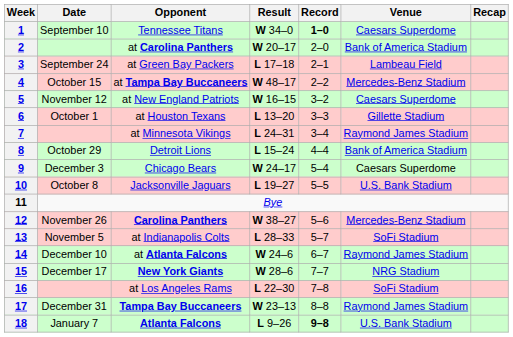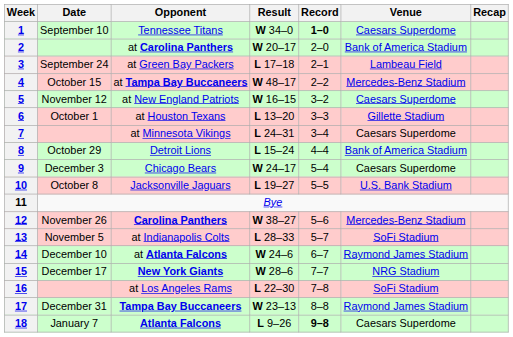 <table class="wikitable" style="text-align:center">
 <tr>
 <th>Week</th>
 <th>Date</th>
 <th>Opponent</th>
 <th>Result</th>
 <th>Record</th>
 <th>Venue</th>
 <th>Recap</th>
 </tr>
 <tr style="background:#cfc">
 <th><a href='#'>1</a></th>
 <td>September 10</td>
 <td><a href='#'>Tennessee Titans</a></td>
 <td><strong>W</strong> 34–0</td>
 <td><strong>1–0</strong></td>
 <td><a href='#'>Caesars Superdome</a></td>
 <td></td>
 </tr>
 <tr style="background:#cfc">
 <th><a href='#'>2</a></th>
 <td></td>
 <td>at <strong><a href='#'>Carolina Panthers</a></strong></td>
 <td><strong>W</strong> 20–17</td>
 <td>2–0</td>
 <td><a href='#'>Bank of America Stadium</a></td>
 <td></td>
 </tr>
 <tr style="background:#fcc">
 <th><a href='#'>3</a></th>
 <td>September 24</td>
 <td>at <a href='#'>Green Bay Packers</a></td>
 <td><strong>L</strong> 17–18</td>
 <td>2–1</td>
 <td><a href='#'>Lambeau Field</a></td>
 <td></td>
 </tr>
 <tr style="background:#fcc">
 <th><a href='#'>4</a></th>
 <td>October 15</td>
 <td>at <strong><a href='#'>Tampa Bay Buccaneers</a></strong></td>
 <td><strong>W</strong> 48–17</td>
 <td>2–2</td>
 <td><a href='#'>Mercedes-Benz Stadium</a></td>
 <td></td>
 </tr>
 <tr style="background:#cfc">
 <th><a href='#'>5</a></th>
 <td>November 12</td>
 <td>at <a href='#'>New England Patriots</a></td>
 <td><strong>W</strong> 16–15</td>
 <td>3–2</td>
 <td><a href='#'>Caesars Superdome</a></td>
 <td></td>
 </tr>
 <tr style="background:#fcc">
 <th><a href='#'>6</a></th>
 <td>October 1</td>
 <td>at <a href='#'>Houston Texans</a></td>
 <td><strong>L</strong> 13–20</td>
 <td>3–3</td>
 <td><a href='#'>Gillette Stadium</a></td>
 <td></td>
 </tr>
 <tr style="background:#fcc">
 <th><a href='#'>7</a></th>
 <td></td>
 <td>at <a href='#'>Minnesota Vikings</a></td>
 <td><strong>L</strong> 24–31</td>
 <td>3–4</td>
-<td><a href='#'>Raymond James Stadium</a></td>
+<td>Caesars Superdome</td>
 <td></td>
 </tr>
 <tr style="background:#cfc">
 <th><a href='#'>8</a></th>
 <td>October 29</td>
 <td><a href='#'>Detroit Lions</a></td>
 <td><strong>L</strong> 15–24</td>
 <td>4–4</td>
 <td><a href='#'>Bank of America Stadium</a></td>
 <td></td>
 </tr>
 <tr style="background:#cfc">
 <th><a href='#'>9</a></th>
 <td>December 3</td>
 <td><a href='#'>Chicago Bears</a></td>
 <td><strong>W</strong> 24–17</td>
 <td>5–4</td>
 <td>Caesars Superdome</td>
 <td></td>
 </tr>
 <tr style="background:#fcc">
 <th><a href='#'>10</a></th>
 <td>October 8</td>
 <td><a href='#'>Jacksonville Jaguars</a></td>
 <td><strong>L</strong> 19–27</td>
 <td>5–5</td>
 <td><a href='#'>U.S. Bank Stadium</a></td>
 <td></td>
 </tr>
 <tr>
 <th>11</th>
 <td colspan="6"><em><a href='#'>Bye</a></em></td>
 </tr>
 <tr style="background:#fcc">
 <th><a href='#'>12</a></th>
 <td>November 26</td>
 <td><strong><a href='#'>Carolina Panthers</a></strong></td>
 <td><strong>W</strong> 38–27</td>
 <td>5–6</td>
 <td><a href='#'>Mercedes-Benz Stadium</a></td>
 <td></td>
 </tr>
 <tr style="background:#fcc">
 <th><a href='#'>13</a></th>
 <td>November 5</td>
 <td>at <a href='#'>Indianapolis Colts</a></td>
 <td><strong>L</strong> 28–33</td>
 <td>5–7</td>
 <td><a href='#'>SoFi Stadium</a></td>
 <td></td>
 </tr>
 <tr style="background:#cfc">
 <th><a href='#'>14</a></th>
 <td>December 10</td>
 <td>at <strong><a href='#'>Atlanta Falcons</a></strong></td>
 <td><strong>W</strong> 24–6</td>
 <td>6–7</td>
 <td><a href='#'>Raymond James Stadium</a></td>
 <td></td>
 </tr>
 <tr style="background:#cfc">
 <th><a href='#'>15</a></th>
 <td>December 17</td>
 <td><strong><a href='#'>New York Giants</a></strong></td>
 <td><strong>W</strong> 28–6</td>
 <td>7–7</td>
 <td><a href='#'>NRG Stadium</a></td>
 <td></td>
 </tr>
 <tr style="background:#fcc">
 <th><a href='#'>16</a></th>
 <td></td>
 <td>at <a href='#'>Los Angeles Rams</a></td>
 <td><strong>L</strong> 22–30</td>
 <td>7–8</td>
 <td><a href='#'>SoFi Stadium</a></td>
 <td></td>
 </tr>
 <tr style="background:#cfc">
 <th><a href='#'>17</a></th>
 <td>December 31</td>
 <td><strong><a href='#'>Tampa Bay Buccaneers</a></strong></td>
 <td><strong>W</strong> 23–13</td>
 <td>8–8</td>
 <td><a href='#'>Raymond James Stadium</a></td>
 <td></td>
 </tr>
 <tr style="background:#cfc">
 <th><a href='#'>18</a></th>
 <td>January 7</td>
 <td><strong><a href='#'>Atlanta Falcons</a></strong></td>
 <td><strong>L</strong> 9–26</td>
 <td><strong>9–8</strong></td>
-<td><a href='#'>U.S. Bank Stadium</a></td>
+<td>Caesars Superdome</td>
 <td></td>
 </tr>
 </table>
